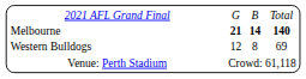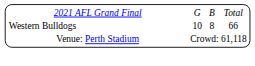 <table style="margin-right:4px; margin-top:8px; float:right; border:1px #000000 solid; border-radius:8px; background:#FFFFFF; font-family:Verdana; font-size:8pt; text-align:center;">
 <tr>
 <td width=200><em><a href='#'>2021 AFL Grand Final</a></em></td>
 <td><em>G</em></td>
 <td><em>B</em></td>
 <td><em>Total</em></td>
 </tr>
 <tr>
-<td style="text-align:left"> Melbourne</td>
-<td><strong>21</strong></td>
-<td><strong>14</strong></td>
-<td><strong>140</strong></td>
-</tr>
-<tr>
 <td style="text-align:left"> Western Bulldogs</td>
-<td>12</td>
+<td>10</td>
 <td>8</td>
-<td>69</td>
+<td>66</td>
 </tr>
 <tr>
 <td>Venue: <a href='#'>Perth Stadium</a></td>
 <td colspan="3">Crowd: 61,118</td>
 </tr>
 </table>
